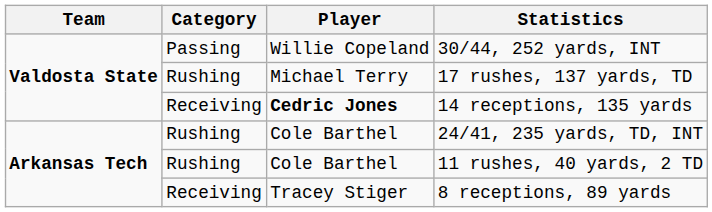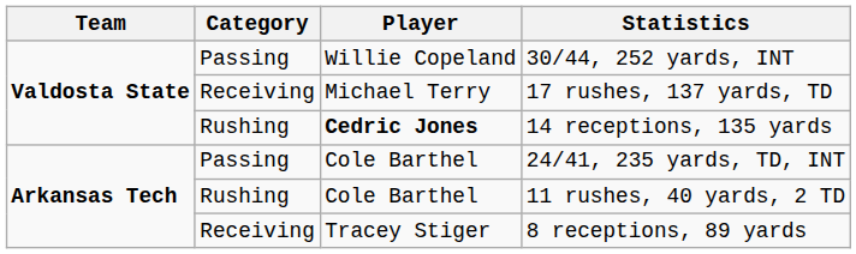 <table class="wikitable" style="float: right;">
 <tr>
 <th>Team</th>
 <th>Category</th>
 <th>Player</th>
 <th>Statistics</th>
 </tr>
 <tr>
 <td rowspan=3><strong>Valdosta State</strong></td>
 <td>Passing</td>
 <td>Willie Copeland</td>
 <td>30/44, 252 yards, INT</td>
 </tr>
 <tr>
-<td>Rushing</td>
+<td>Receiving</td>
 <td>Michael Terry</td>
 <td>17 rushes, 137 yards, TD</td>
 </tr>
 <tr>
-<td>Receiving</td>
+<td>Rushing</td>
 <td><strong>Cedric Jones</strong></td>
 <td>14 receptions, 135 yards</td>
 </tr>
 <tr>
 <td rowspan=3><strong>Arkansas Tech</strong></td>
-<td>Rushing</td>
+<td>Passing</td>
 <td>Cole Barthel</td>
 <td>24/41, 235 yards, TD, INT</td>
 </tr>
 <tr>
 <td>Rushing</td>
 <td>Cole Barthel</td>
 <td>11 rushes, 40 yards, 2 TD</td>
 </tr>
 <tr>
 <td>Receiving</td>
 <td>Tracey Stiger</td>
 <td>8 receptions, 89 yards</td>
 </tr>
 </table>
